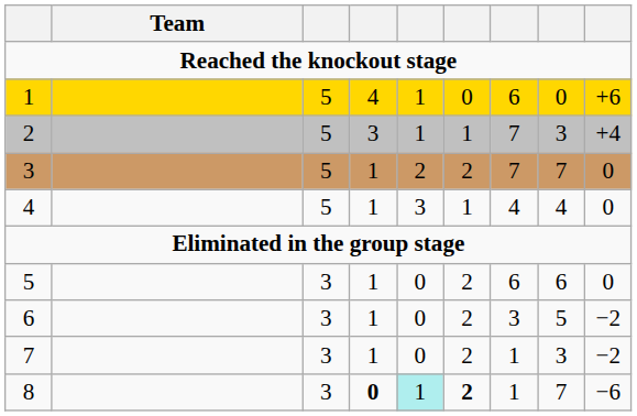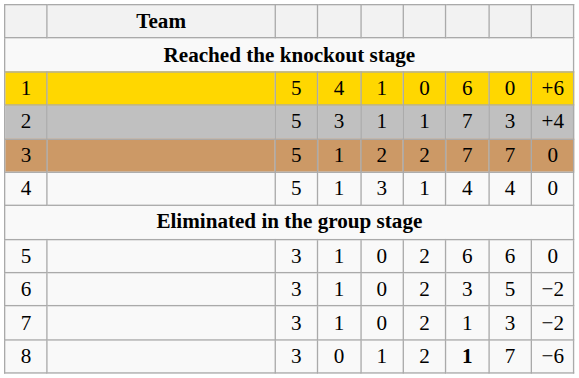 <table class="wikitable" style="text-align:center">
 <tr>
 <th width="25"></th>
 <th width="165">Team</th>
 <th width="25"></th>
 <th width="25"></th>
 <th width="25"></th>
 <th width="25"></th>
 <th width="25"></th>
 <th width="25"></th>
 <th width="25"></th>
 </tr>
 <tr>
 <td colspan=10><strong>Reached the knockout stage</strong></td>
 </tr>
 <tr bgcolor="gold">
 <td>1</td>
 <td align=left></td>
 <td>5</td>
 <td>4</td>
 <td>1</td>
 <td>0</td>
 <td>6</td>
 <td>0</td>
 <td>+6</td>
 </tr>
 <tr bgcolor="silver">
 <td>2</td>
 <td align=left></td>
 <td>5</td>
 <td>3</td>
 <td>1</td>
 <td>1</td>
 <td>7</td>
 <td>3</td>
 <td>+4</td>
 </tr>
 <tr bgcolor="#cc9966">
 <td>3</td>
 <td align=left></td>
 <td>5</td>
 <td>1</td>
 <td>2</td>
 <td>2</td>
 <td>7</td>
 <td>7</td>
 <td>0</td>
 </tr>
 <tr>
 <td>4</td>
 <td align=left></td>
 <td>5</td>
 <td>1</td>
 <td>3</td>
 <td>1</td>
 <td>4</td>
 <td>4</td>
 <td>0</td>
 </tr>
 <tr>
 <td colspan=10><strong>Eliminated in the group stage</strong></td>
 </tr>
 <tr>
 <td>5</td>
 <td align=left></td>
 <td>3</td>
 <td>1</td>
 <td>0</td>
 <td>2</td>
 <td>6</td>
 <td>6</td>
 <td>0</td>
 </tr>
 <tr>
 <td>6</td>
 <td align=left></td>
 <td>3</td>
 <td>1</td>
 <td>0</td>
 <td>2</td>
 <td>3</td>
 <td>5</td>
 <td>−2</td>
 </tr>
 <tr>
 <td>7</td>
 <td align=left></td>
 <td>3</td>
 <td>1</td>
 <td>0</td>
 <td>2</td>
 <td>1</td>
 <td>3</td>
 <td>−2</td>
 </tr>
 <tr>
 <td>8</td>
 <td align=left></td>
 <td>3</td>
-<td><strong>0</strong></td>
-<td style="background: paleturquoise;">1</td>
-<td><strong>2</strong></td>
+<td>0</td>
 <td>1</td>
+<td>2</td>
+<td><strong>1</strong></td>
 <td>7</td>
 <td>−6</td>
 </tr>
 </table>
